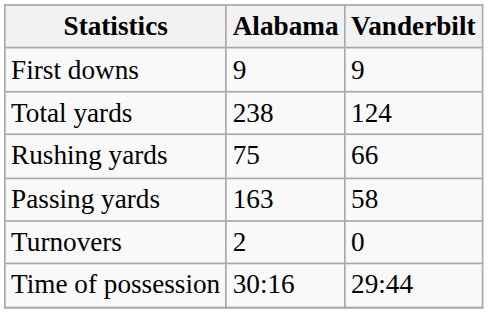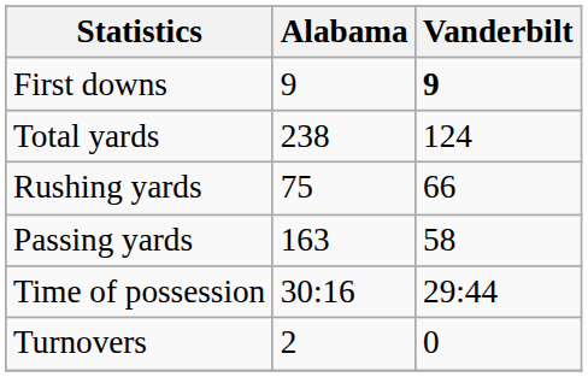 <table class="wikitable" style="float: left;">
 <tr>
 <th>Statistics</th>
 <th>Alabama</th>
 <th>Vanderbilt</th>
 </tr>
 <tr>
 <td>First downs</td>
 <td>9</td>
-<td>9</td>
+<td><strong>9</strong></td>
 </tr>
 <tr>
 <td>Total yards</td>
 <td>238</td>
 <td>124</td>
 </tr>
 <tr>
 <td>Rushing yards</td>
 <td>75</td>
 <td>66</td>
 </tr>
 <tr>
 <td>Passing yards</td>
 <td>163</td>
 <td>58</td>
 </tr>
 <tr>
+<td>Time of possession</td>
+<td>30:16</td>
+<td>29:44</td>
+</tr>
+<tr>
 <td>Turnovers</td>
 <td>2</td>
 <td>0</td>
 </tr>
 <tr>
-<td>Time of possession</td>
-<td>30:16</td>
-<td>29:44</td>
-</tr>
-<tr>
 </tr>
 </table>
